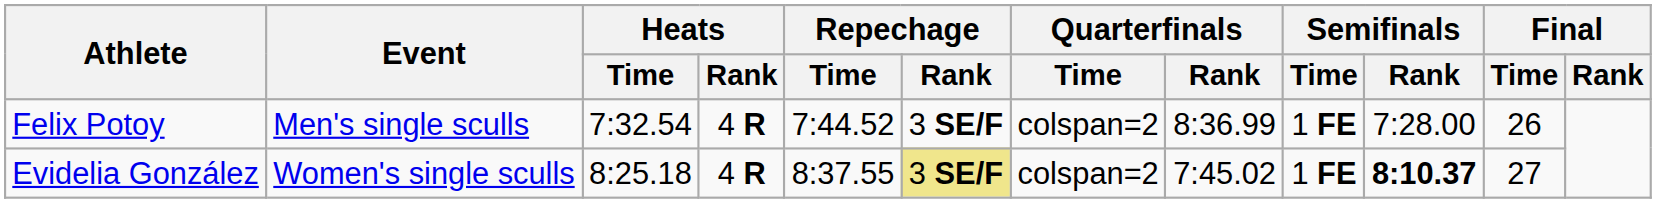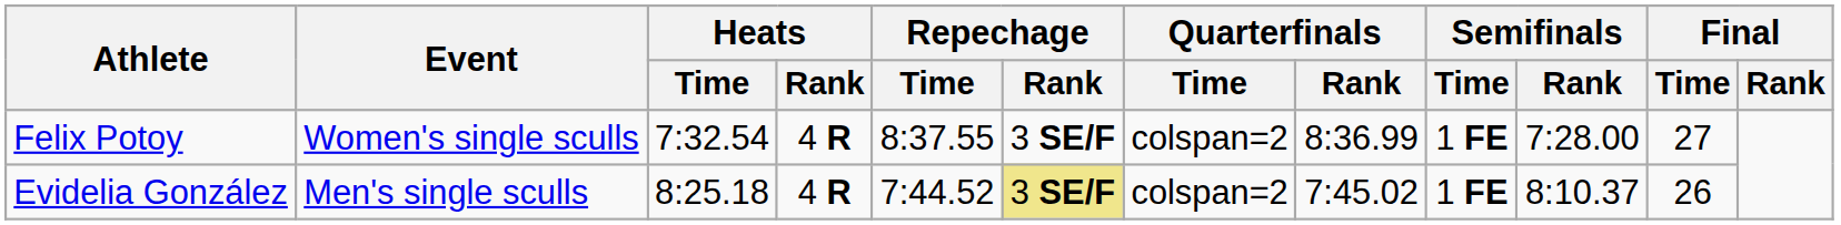 <table class="wikitable" style="font-size:90%">
 <tr>
 <th rowspan="2">Athlete</th>
 <th rowspan="2">Event</th>
 <th colspan="2">Heats</th>
 <th colspan="2">Repechage</th>
 <th colspan="2">Quarterfinals</th>
 <th colspan="2">Semifinals</th>
 <th colspan="2">Final</th>
 </tr>
 <tr style="font-size:95%">
 <th>Time</th>
 <th>Rank</th>
 <th>Time</th>
 <th>Rank</th>
 <th>Time</th>
 <th>Rank</th>
 <th>Time</th>
 <th>Rank</th>
 <th>Time</th>
 <th>Rank</th>
 </tr>
 <tr align=center>
 <td align=left><a href='#'>Felix Potoy</a></td>
-<td align=left><a href='#'>Men's single sculls</a></td>
+<td align=left><a href='#'>Women's single sculls</a></td>
 <td>7:32.54</td>
 <td>4 <strong>R</strong></td>
-<td>7:44.52</td>
+<td>8:37.55</td>
 <td>3 <strong>SE/F</strong></td>
 <td>colspan=2 </td>
 <td>8:36.99</td>
 <td>1 <strong>FE</strong></td>
 <td>7:28.00</td>
-<td>26</td>
+<td>27</td>
 </tr>
 <tr align=center>
 <td align=left><a href='#'>Evidelia González</a></td>
-<td align=left><a href='#'>Women's single sculls</a></td>
+<td align=left><a href='#'>Men's single sculls</a></td>
 <td>8:25.18</td>
 <td>4 <strong>R</strong></td>
-<td>8:37.55</td>
+<td>7:44.52</td>
 <td style="background: khaki;">3 <strong>SE/F</strong></td>
 <td>colspan=2 </td>
 <td>7:45.02</td>
 <td>1 <strong>FE</strong></td>
-<td><strong>8:10.37</strong></td>
-<td>27</td>
+<td>8:10.37</td>
+<td>26</td>
 </tr>
 </table>
